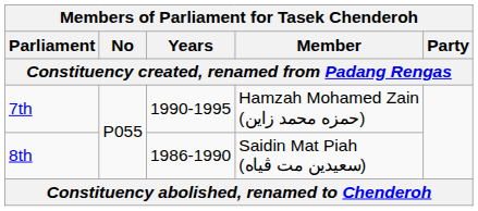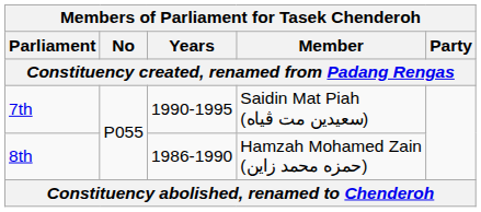 <table class=wikitable>
 <tr>
 <th colspan="5">Members of Parliament for Tasek Chenderoh</th>
 </tr>
 <tr>
 <th>Parliament</th>
 <th>No</th>
 <th>Years</th>
 <th>Member</th>
 <th>Party</th>
 </tr>
 <tr>
 <th colspan="5" align="center"><em>Constituency created, renamed from <a href='#'>Padang Rengas</a></em></th>
 </tr>
 <tr>
 <td><a href='#'>7th</a></td>
 <td rowspan="2">P055</td>
 <td>1990-1995</td>
-<td>Hamzah Mohamed Zain  <br>(حمزه محمد زاين)</td>
+<td>Saidin Mat Piah <br> (سعيدين مت ڤياه)</td>
 <td rowspan="2"></td>
 </tr>
 <tr>
 <td><a href='#'>8th</a></td>
 <td>1986-1990</td>
-<td>Saidin Mat Piah <br> (سعيدين مت ڤياه)</td>
+<td>Hamzah Mohamed Zain  <br>(حمزه محمد زاين)</td>
 </tr>
 <tr>
 <th colspan="5" align="center"><em>Constituency abolished, renamed to <a href='#'>Chenderoh</a></em></th>
 </tr>
 </table>
